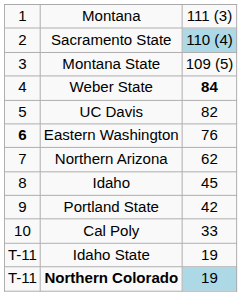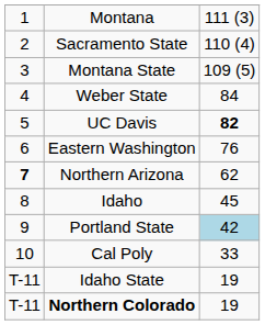 <table class="wikitable" style="display: inline-table;">
 <tr align="center">
 </tr>
 <tr align="center">
 <td>1</td>
 <td>Montana</td>
 <td>111 (3)</td>
 </tr>
 <tr align="center">
 <td>2</td>
 <td>Sacramento State</td>
-<td style="background: lightblue;">110 (4)</td>
+<td>110 (4)</td>
 </tr>
 <tr align="center">
 <td>3</td>
 <td>Montana State</td>
 <td>109 (5)</td>
 </tr>
 <tr align="center">
 <td>4</td>
 <td>Weber State</td>
-<td><strong>84</strong></td>
+<td>84</td>
 </tr>
 <tr align="center">
 <td>5</td>
 <td>UC Davis</td>
-<td>82</td>
+<td><strong>82</strong></td>
 </tr>
 <tr align="center">
-<td><strong>6</strong></td>
+<td>6</td>
 <td>Eastern Washington</td>
 <td>76</td>
 </tr>
 <tr align="center">
-<td>7</td>
+<td><strong>7</strong></td>
 <td>Northern Arizona</td>
 <td>62</td>
 </tr>
 <tr align="center">
 <td>8</td>
 <td>Idaho</td>
 <td>45</td>
 </tr>
 <tr align="center">
 <td>9</td>
 <td>Portland State</td>
-<td>42</td>
+<td style="background: lightblue;">42</td>
 </tr>
 <tr align="center">
 <td>10</td>
 <td>Cal Poly</td>
 <td>33</td>
 </tr>
 <tr align="center">
 <td>T-11</td>
 <td>Idaho State</td>
 <td>19</td>
 </tr>
 <tr align="center">
 <td>T-11</td>
 <td><strong>Northern Colorado</strong></td>
-<td style="background: lightblue;">19</td>
+<td>19</td>
 </tr>
 </table>
